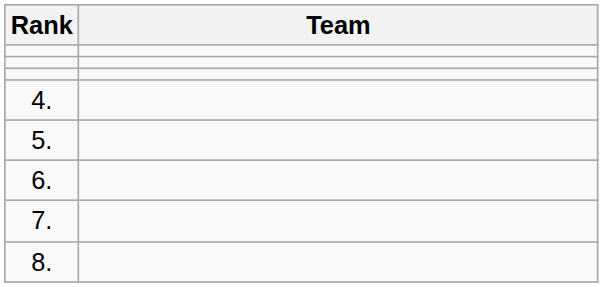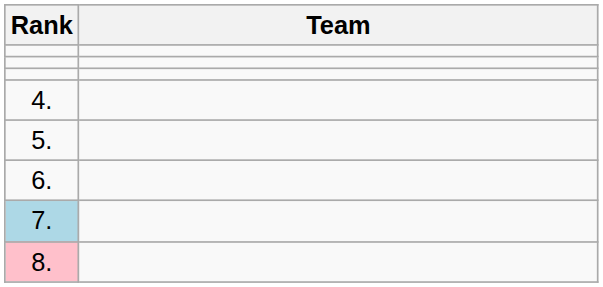 <table class="wikitable" style="font-size:95%;">
 <tr>
 <th>Rank</th>
 <th align="left" style="width: 20em">Team</th>
 </tr>
 <tr>
 <td align="center"></td>
 <td></td>
 </tr>
 <tr>
 <td align="center"></td>
 <td></td>
 </tr>
 <tr>
 <td align="center"></td>
 <td></td>
 </tr>
 <tr>
 <td rowspan=1 align="center">4.</td>
 <td></td>
 </tr>
 <tr>
 <td rowspan=1 align="center">5.</td>
 <td></td>
 </tr>
 <tr>
 <td rowspan=1 align="center">6.</td>
 <td></td>
 </tr>
 <tr>
-<td rowspan=1 align="center">7.</td>
+<td rowspan=1 align="center" style="background: lightblue;">7.</td>
 <td></td>
 </tr>
 <tr>
-<td rowspan=1 align="center">8.</td>
+<td rowspan=1 align="center" style="background: pink;">8.</td>
 <td></td>
 </tr>
 </table>
